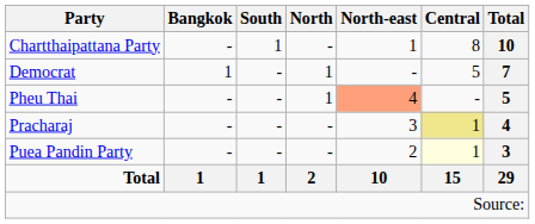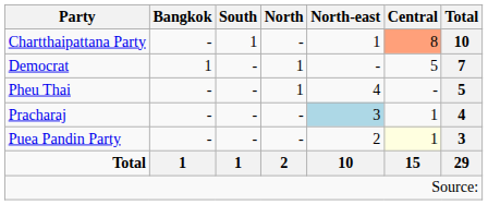 <table class="wikitable" style="text-align:right">
 <tr>
 <th>Party</th>
 <th>Bangkok</th>
 <th>South</th>
 <th>North</th>
 <th>North-east</th>
 <th>Central</th>
 <th>Total</th>
 </tr>
 <tr>
 <td align="left"><a href='#'>Chartthaipattana Party</a></td>
 <td>-</td>
 <td>1</td>
 <td>-</td>
 <td>1</td>
-<td>8</td>
+<td style="background: lightsalmon;">8</td>
 <th><strong>10</strong></th>
 </tr>
 <tr>
 <td align="left"><a href='#'>Democrat</a></td>
 <td>1</td>
 <td>-</td>
 <td>1</td>
 <td>-</td>
 <td>5</td>
 <th><strong>7</strong></th>
 </tr>
 <tr>
 <td align="left"><a href='#'>Pheu Thai</a></td>
 <td>-</td>
 <td>-</td>
 <td>1</td>
-<td style="background: lightsalmon;">4</td>
+<td>4</td>
 <td>-</td>
 <th><strong>5</strong></th>
 </tr>
 <tr>
 <td align="left"><a href='#'>Pracharaj</a></td>
 <td>-</td>
 <td>-</td>
 <td>-</td>
-<td>3</td>
-<td style="background: khaki;">1</td>
+<td style="background: lightblue;">3</td>
+<td>1</td>
 <th><strong>4</strong></th>
 </tr>
 <tr>
 <td align="left"><a href='#'>Puea Pandin Party</a></td>
 <td>-</td>
 <td>-</td>
 <td>-</td>
 <td>2</td>
 <td style="background: lightyellow;">1</td>
 <th><strong>3</strong></th>
 </tr>
 <tr>
 <td><strong>Total</strong></td>
 <th>1</th>
 <th>1</th>
 <th>2</th>
 <th>10</th>
 <th>15</th>
 <th><strong>29</strong></th>
 </tr>
 <tr>
 <td colspan="7">Source: </td>
 </tr>
 </table>
